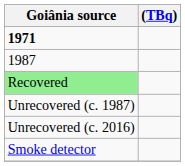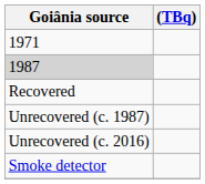 <table class="wikitable" style="float:left; margin-right:20px;">
 <tr>
 <th>Goiânia source</th>
 <th colspan="2">(<a href='#'>TBq</a>)</th>
 </tr>
 <tr>
-<td><strong>1971</strong></td>
+<td>1971</td>
 <td></td>
 </tr>
 <tr>
-<td>1987</td>
+<td style="background: lightgrey;">1987</td>
 <td></td>
 </tr>
 <tr>
-<td style="background: lightgreen;">Recovered</td>
+<td>Recovered</td>
 <td></td>
 </tr>
 <tr>
 <td>Unrecovered (c. 1987)</td>
 <td></td>
 </tr>
 <tr>
 <td>Unrecovered (c. 2016)</td>
 <td></td>
 </tr>
 <tr>
 <td><a href='#'>Smoke detector</a></td>
 <td></td>
 </tr>
 <tr>
 </tr>
 </table>
